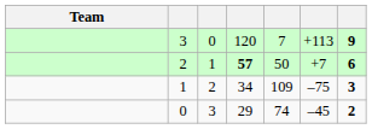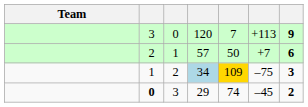 <table class="wikitable" style="text-align:center;">
 <tr>
 <th style="width:10.5em;">Team</th>
 <th style="width:1.5em;"></th>
 <th style="width:1.5em;"></th>
 <th style="width:2.0em;"></th>
 <th style="width:2.0em;"></th>
 <th style="width:2.0em;"></th>
 <th style="width:1.5em;"></th>
 </tr>
 <tr bgcolor=#cfc>
 <td align="left"></td>
 <td>3</td>
 <td>0</td>
 <td>120</td>
 <td>7</td>
 <td>+113</td>
 <td><strong>9</strong></td>
 </tr>
 <tr bgcolor=#cfc>
 <td align="left"></td>
 <td>2</td>
 <td>1</td>
-<td><strong>57</strong></td>
+<td>57</td>
 <td>50</td>
 <td>+7</td>
 <td><strong>6</strong></td>
 </tr>
 <tr>
 <td align="left"></td>
 <td>1</td>
 <td>2</td>
-<td>34</td>
-<td>109</td>
+<td style="background: lightblue;">34</td>
+<td style="background: gold;">109</td>
 <td>–75</td>
 <td><strong>3</strong></td>
 </tr>
 <tr>
 <td align="left"></td>
-<td>0</td>
+<td><strong>0</strong></td>
 <td>3</td>
 <td>29</td>
 <td>74</td>
 <td>–45</td>
 <td><strong>2</strong></td>
 </tr>
 </table>
